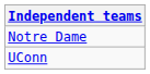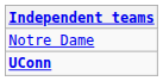 <table class="wikitable">
 <tr>
 <th><a href='#'>Independent teams</a></th>
 </tr>
 <tr>
 <td><a href='#'>Notre Dame</a></td>
 </tr>
 <tr>
-<td><a href='#'>UConn</a></td>
+<td><strong><a href='#'>UConn</a></strong></td>
 </tr>
 </table>
